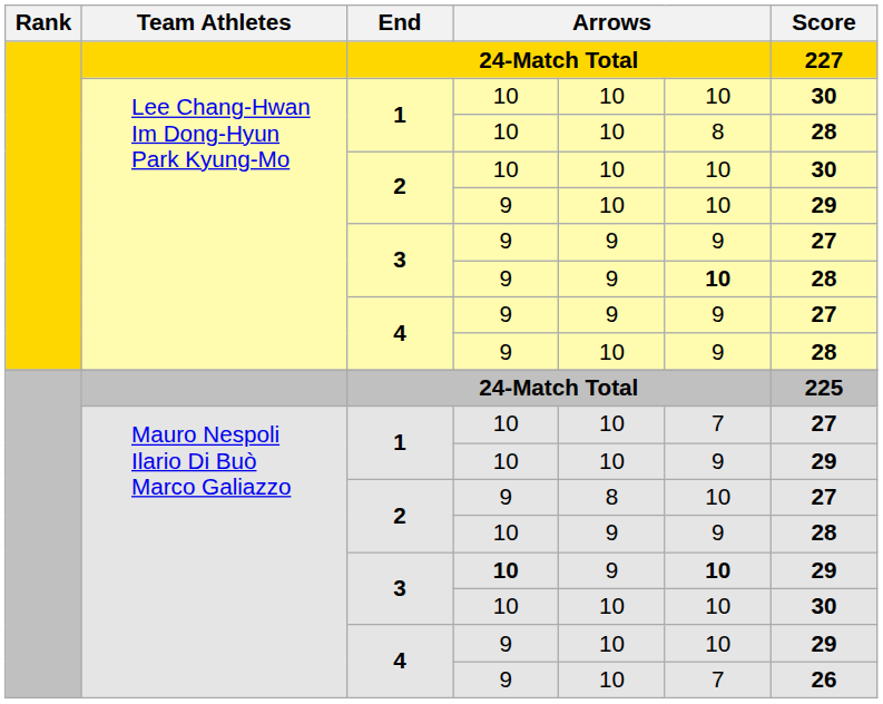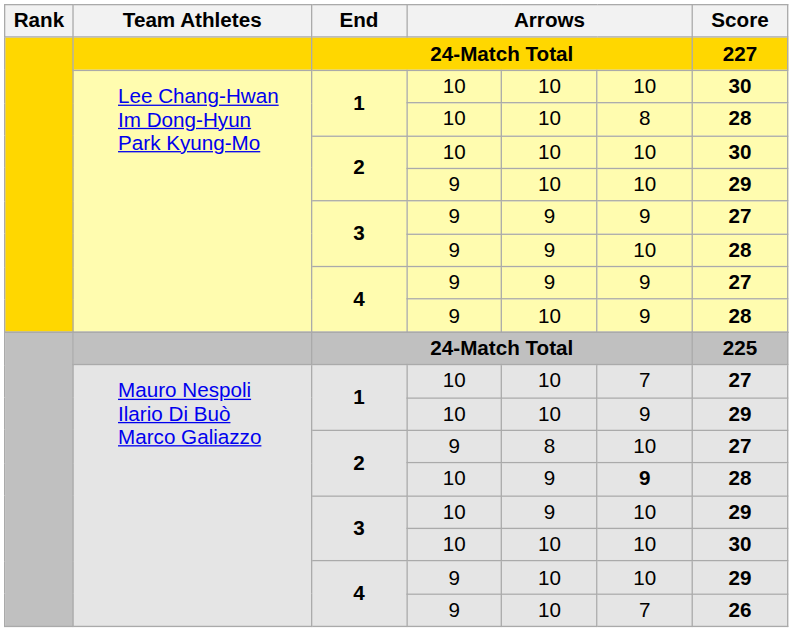 <table class=wikitable>
 <tr>
 <th width=5%>Rank</th>
 <th width=25%>Team Athletes</th>
 <th width=10%>End</th>
 <th colspan=3 width=30%>Arrows</th>
 <th width=10%>Score</th>
 </tr>
 <tr bgcolor=gold>
 <td rowspan=9 align=center></td>
 <td></td>
 <td colspan=4 align=center><strong>24-Match Total</strong></td>
 <td align=center><strong>227</strong></td>
 </tr>
 <tr bgcolor=fffcaf>
 <td rowspan=8>       <a href='#'>Lee Chang-Hwan</a><br>       <a href='#'>Im Dong-Hyun</a><br>       <a href='#'>Park Kyung-Mo</a><br><br><br><br><br><br><br><br></td>
 <td rowspan=2 align=center><strong>1</strong></td>
 <td align=center>10</td>
 <td align=center>10</td>
 <td align=center>10</td>
 <td align=center><strong>30</strong></td>
 </tr>
 <tr bgcolor=fffcaf>
 <td align=center>10</td>
 <td align=center>10</td>
 <td align=center>8</td>
 <td align=center><strong>28</strong></td>
 </tr>
 <tr bgcolor=fffcaf>
 <td rowspan=2 align=center><strong>2</strong></td>
 <td align=center>10</td>
 <td align=center>10</td>
 <td align=center>10</td>
 <td align=center><strong>30</strong></td>
 </tr>
 <tr bgcolor=fffcaf>
 <td align=center>9</td>
 <td align=center>10</td>
 <td align=center>10</td>
 <td align=center><strong>29</strong></td>
 </tr>
 <tr bgcolor=fffcaf>
 <td rowspan=2 align=center><strong>3</strong></td>
 <td align=center>9</td>
 <td align=center>9</td>
 <td align=center>9</td>
 <td align=center><strong>27</strong></td>
 </tr>
 <tr bgcolor=fffcaf>
 <td align=center>9</td>
 <td align=center>9</td>
-<td align=center><strong>10</strong></td>
+<td align=center>10</td>
 <td align=center><strong>28</strong></td>
 </tr>
 <tr bgcolor=fffcaf>
 <td rowspan=2 align=center><strong>4</strong></td>
 <td align=center>9</td>
 <td align=center>9</td>
 <td align=center>9</td>
 <td align=center><strong>27</strong></td>
 </tr>
 <tr bgcolor=fffcaf>
 <td align=center>9</td>
 <td align=center>10</td>
 <td align=center>9</td>
 <td align=center><strong>28</strong></td>
 </tr>
 <tr>
 </tr>
 <tr bgcolor=silver>
 <td rowspan=9 align=center></td>
 <td></td>
 <td colspan=4 align=center><strong>24-Match Total</strong></td>
 <td align=center><strong>225</strong></td>
 </tr>
 <tr bgcolor=e5e5e5>
 <td rowspan=8>       <a href='#'>Mauro Nespoli</a><br>        <a href='#'>Ilario Di Buò</a><br>       <a href='#'>Marco Galiazzo</a><br><br><br><br><br><br><br><br></td>
 <td rowspan=2 align=center><strong>1</strong></td>
 <td align=center>10</td>
 <td align=center>10</td>
 <td align=center>7</td>
 <td align=center><strong>27</strong></td>
 </tr>
 <tr bgcolor=e5e5e5>
 <td align=center>10</td>
 <td align=center>10</td>
 <td align=center>9</td>
 <td align=center><strong>29</strong></td>
 </tr>
 <tr bgcolor=e5e5e5>
 <td rowspan=2 align=center><strong>2</strong></td>
 <td align=center>9</td>
 <td align=center>8</td>
 <td align=center>10</td>
 <td align=center><strong>27</strong></td>
 </tr>
 <tr bgcolor=e5e5e5>
 <td align=center>10</td>
 <td align=center>9</td>
-<td align=center>9</td>
+<td align=center><strong>9</strong></td>
 <td align=center><strong>28</strong></td>
 </tr>
 <tr bgcolor=e5e5e5>
 <td rowspan=2 align=center><strong>3</strong></td>
-<td align=center><strong>10</strong></td>
+<td align=center>10</td>
 <td align=center>9</td>
-<td align=center><strong>10</strong></td>
+<td align=center>10</td>
 <td align=center><strong>29</strong></td>
 </tr>
 <tr bgcolor=e5e5e5>
 <td align=center>10</td>
 <td align=center>10</td>
 <td align=center>10</td>
 <td align=center><strong>30</strong></td>
 </tr>
 <tr bgcolor=e5e5e5>
 <td rowspan=2 align=center><strong>4</strong></td>
 <td align=center>9</td>
 <td align=center>10</td>
 <td align=center>10</td>
 <td align=center><strong>29</strong></td>
 </tr>
 <tr bgcolor=e5e5e5>
 <td align=center>9</td>
 <td align=center>10</td>
 <td align=center>7</td>
 <td align=center><strong>26</strong></td>
 </tr>
 </table>
